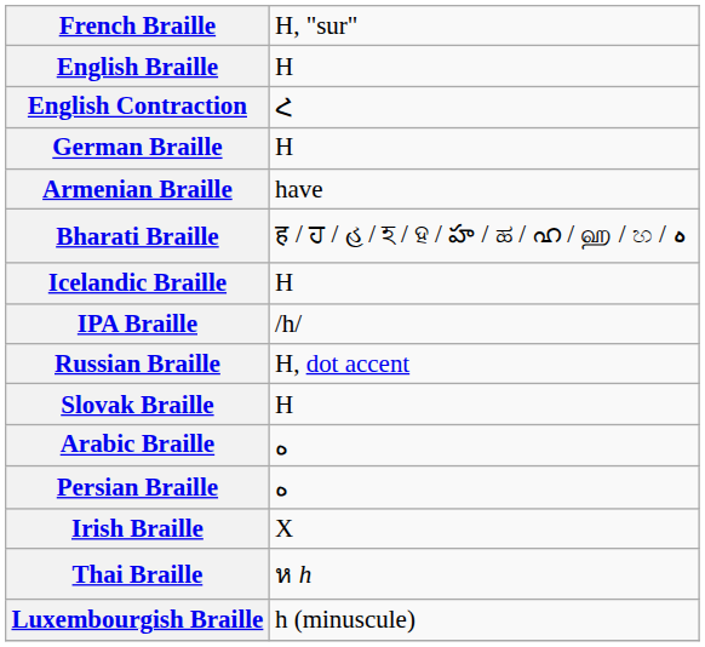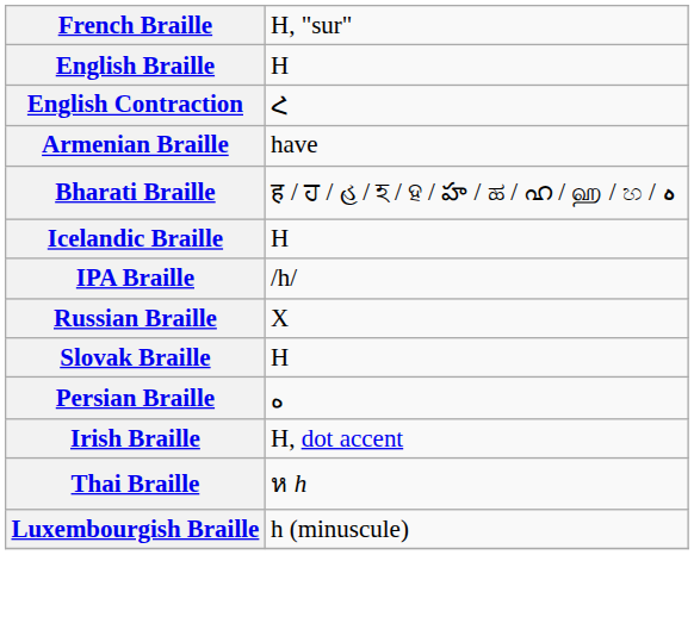 <table class="wikitable">
 <tr>
 <th align=left><a href='#'>French Braille</a></th>
 <td>H, "sur"</td>
 </tr>
 <tr>
 <th align=left><a href='#'>English Braille</a></th>
 <td>H</td>
 </tr>
 <tr>
 <th align=left><a href='#'>English Contraction</a></th>
 <td>Հ</td>
-</tr>
-<tr>
-<th align=left><a href='#'>German Braille</a></th>
-<td>H</td>
 </tr>
 <tr>
 <th align=left><a href='#'>Armenian Braille</a></th>
 <td>have</td>
 </tr>
 <tr>
 <th align=left><a href='#'>Bharati Braille</a></th>
 <td>ह / ਹ / હ / হ / ହ / హ / ಹ / ഹ / ஹ / හ / ہ ‎</td>
 </tr>
 <tr>
 <th align=left><a href='#'>Icelandic Braille</a></th>
 <td>H</td>
 </tr>
 <tr>
 <th align=left><a href='#'>IPA Braille</a></th>
 <td>/h/</td>
 </tr>
 <tr>
 <th align=left><a href='#'>Russian Braille</a></th>
-<td>H, <a href='#'>dot accent</a></td>
+<td>Х</td>
 </tr>
 <tr>
 <th align=left><a href='#'>Slovak Braille</a></th>
 <td>H</td>
-</tr>
-<tr>
-<th align=left><a href='#'>Arabic Braille</a></th>
-<td>ه</td>
 </tr>
 <tr>
 <th align=left><a href='#'>Persian Braille</a></th>
 <td>ه</td>
 </tr>
 <tr>
 <th align=left><a href='#'>Irish Braille</a></th>
-<td>Х</td>
+<td>H, <a href='#'>dot accent</a></td>
 </tr>
 <tr>
 <th align=left><a href='#'>Thai Braille</a></th>
 <td>ห <em>h</em></td>
 </tr>
 <tr>
 <th align=left><a href='#'>Luxembourgish Braille</a></th>
 <td>h (minuscule)</td>
 </tr>
 <tr>
 </tr>
 </table>
